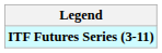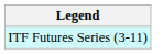 <table class="wikitable">
 <tr>
 <th>Legend</th>
 </tr>
 <tr bgcolor=CFFCFF>
-<td><strong>ITF Futures Series (3-11)</strong></td>
+<td>ITF Futures Series (3-11)</td>
 </tr>
 </table>
